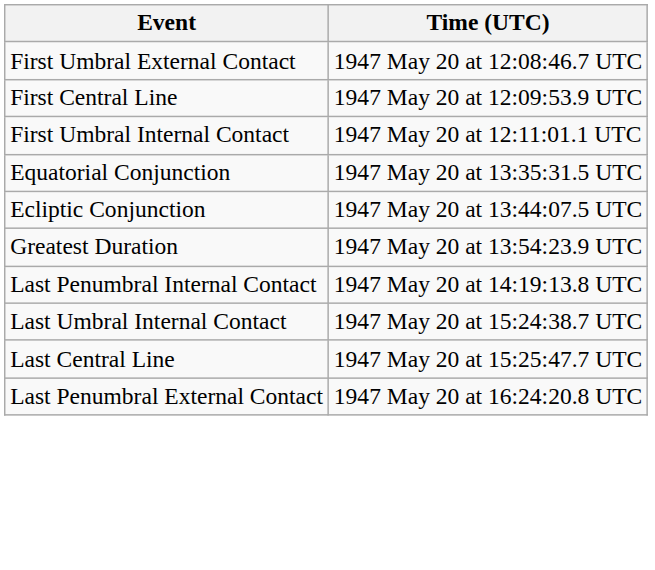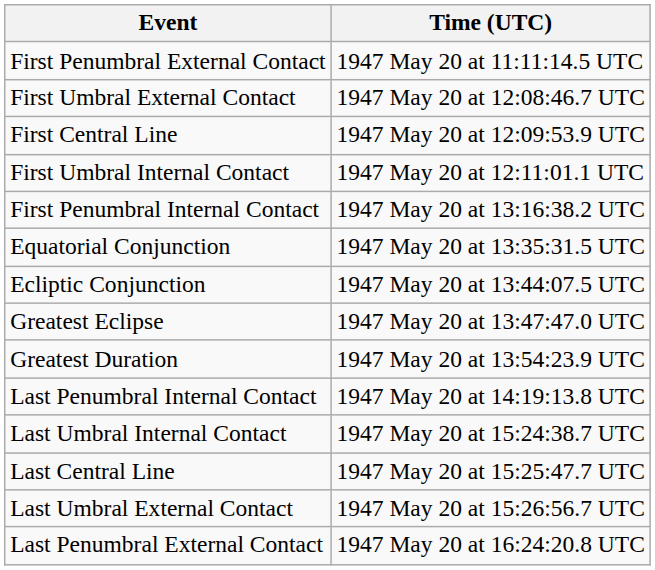 <table class="wikitable">
 <tr>
 <th>Event</th>
 <th>Time (UTC)</th>
+</tr>
+<tr>
+<td>First Penumbral External Contact</td>
+<td>1947 May 20 at 11:11:14.5 UTC</td>
 </tr>
 <tr>
 <td>First Umbral External Contact</td>
 <td>1947 May 20 at 12:08:46.7 UTC</td>
 </tr>
 <tr>
 <td>First Central Line</td>
 <td>1947 May 20 at 12:09:53.9 UTC</td>
 </tr>
 <tr>
 <td>First Umbral Internal Contact</td>
 <td>1947 May 20 at 12:11:01.1 UTC</td>
 </tr>
 <tr>
+<td>First Penumbral Internal Contact</td>
+<td>1947 May 20 at 13:16:38.2 UTC</td>
+</tr>
+<tr>
 <td>Equatorial Conjunction</td>
 <td>1947 May 20 at 13:35:31.5 UTC</td>
 </tr>
 <tr>
 <td>Ecliptic Conjunction</td>
 <td>1947 May 20 at 13:44:07.5 UTC</td>
+</tr>
+<tr>
+<td>Greatest Eclipse</td>
+<td>1947 May 20 at 13:47:47.0 UTC</td>
 </tr>
 <tr>
 <td>Greatest Duration</td>
 <td>1947 May 20 at 13:54:23.9 UTC</td>
 </tr>
 <tr>
 <td>Last Penumbral Internal Contact</td>
 <td>1947 May 20 at 14:19:13.8 UTC</td>
 </tr>
 <tr>
 <td>Last Umbral Internal Contact</td>
 <td>1947 May 20 at 15:24:38.7 UTC</td>
 </tr>
 <tr>
 <td>Last Central Line</td>
 <td>1947 May 20 at 15:25:47.7 UTC</td>
 </tr>
 <tr>
+<td>Last Umbral External Contact</td>
+<td>1947 May 20 at 15:26:56.7 UTC</td>
+</tr>
+<tr>
 <td>Last Penumbral External Contact</td>
 <td>1947 May 20 at 16:24:20.8 UTC</td>
 </tr>
 </table>
